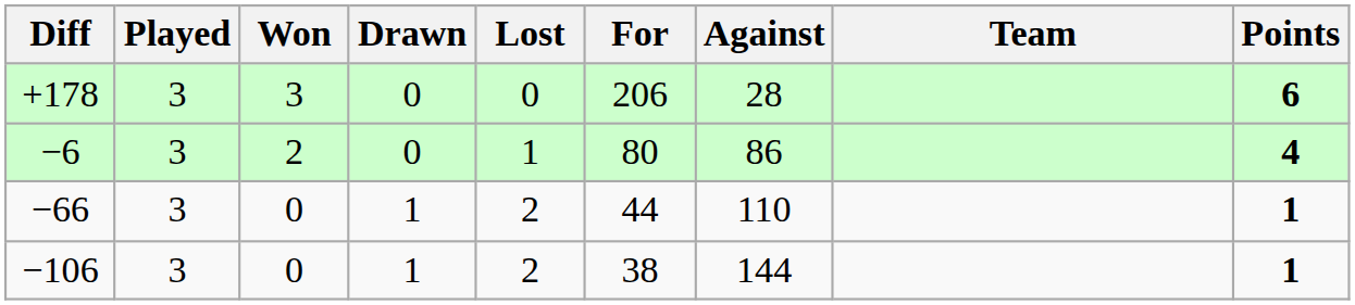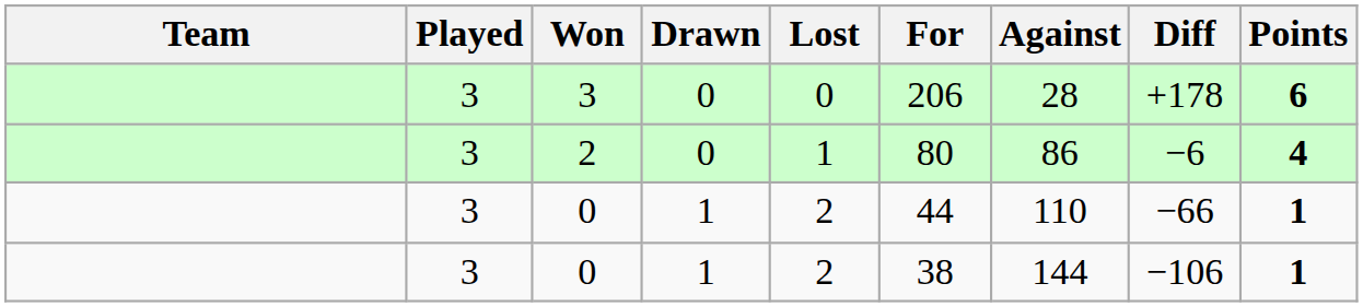 <table class="wikitable">
 <tr>
-<th width="40">Diff</th>
+<th width="165">Team</th>
 <th width="40">Played</th>
 <th width="40">Won</th>
 <th width="40">Drawn</th>
 <th width="40">Lost</th>
 <th width="40">For</th>
 <th width="40">Against</th>
-<th width="165">Team</th>
+<th width="40">Diff</th>
 <th width="40">Points</th>
 </tr>
 <tr align="center" bgcolor="#ccffcc">
-<td>+178</td>
+<td style="text-align:left;"></td>
 <td>3</td>
 <td>3</td>
 <td>0</td>
 <td>0</td>
 <td>206</td>
 <td>28</td>
-<td style="text-align:left;"></td>
+<td>+178</td>
 <td><strong>6</strong></td>
 </tr>
 <tr align="center" bgcolor="#ccffcc">
-<td>−6</td>
+<td style="text-align:left;"></td>
 <td>3</td>
 <td>2</td>
 <td>0</td>
 <td>1</td>
 <td>80</td>
 <td>86</td>
-<td style="text-align:left;"></td>
+<td>−6</td>
 <td><strong>4</strong></td>
 </tr>
 <tr align="center">
-<td>−66</td>
+<td style="text-align:left;"></td>
 <td>3</td>
 <td>0</td>
 <td>1</td>
 <td>2</td>
 <td>44</td>
 <td>110</td>
-<td style="text-align:left;"></td>
+<td>−66</td>
 <td><strong>1</strong></td>
 </tr>
 <tr align="center">
-<td>−106</td>
+<td style="text-align:left;"></td>
 <td>3</td>
 <td>0</td>
 <td>1</td>
 <td>2</td>
 <td>38</td>
 <td>144</td>
-<td style="text-align:left;"></td>
+<td>−106</td>
 <td><strong>1</strong></td>
 </tr>
 </table>
